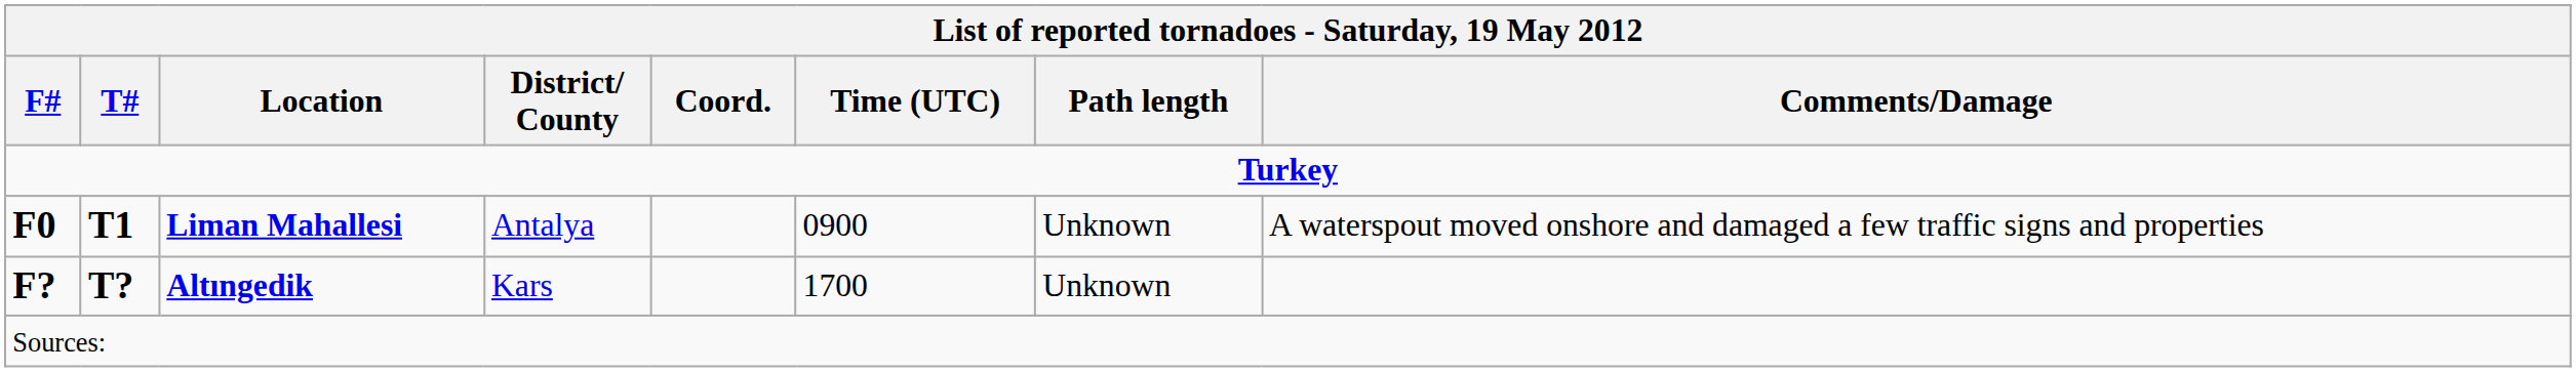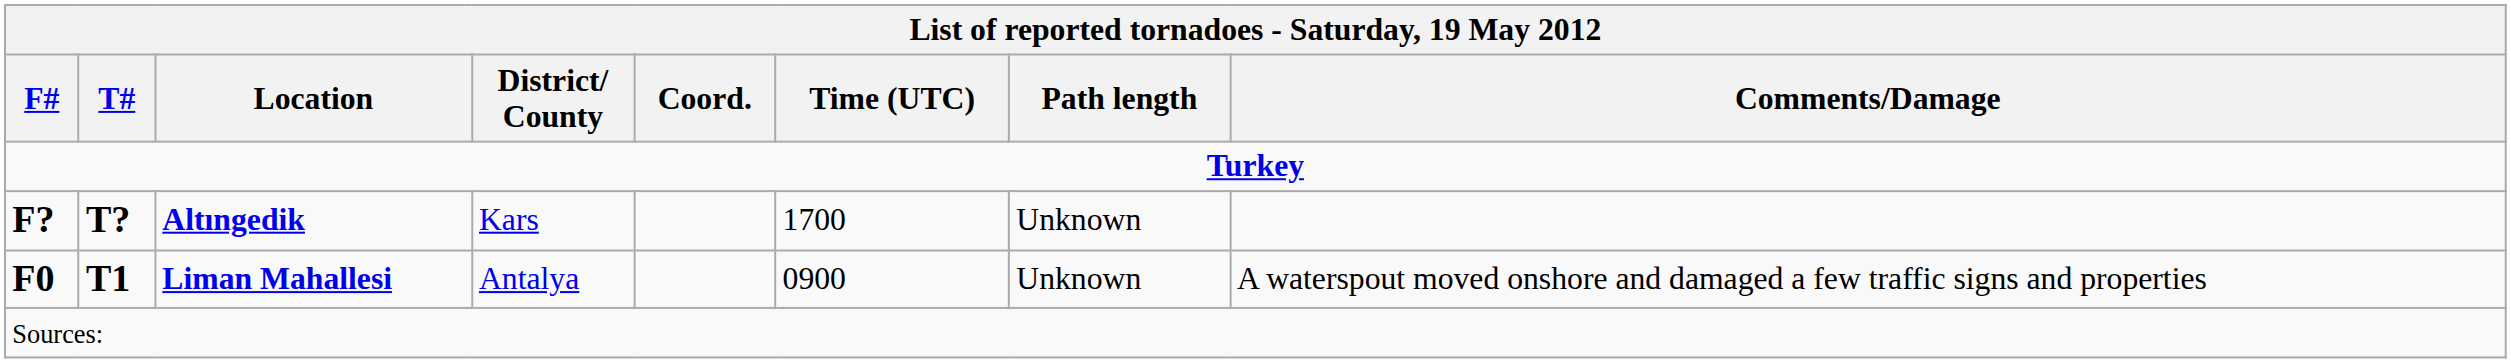 <table class="wikitable collapsible" width="100%">
 <tr>
 <th colspan="8">List of reported tornadoes - Saturday, 19 May 2012</th>
 </tr>
 <tr>
 <th><a href='#'>F#</a></th>
 <th><a href='#'>T#</a></th>
 <th>Location</th>
 <th>District/<br>County</th>
 <th>Coord.</th>
 <th>Time (UTC)</th>
 <th>Path length</th>
 <th>Comments/Damage</th>
 </tr>
 <tr>
 <td colspan="8" align=center><strong><a href='#'>Turkey</a></strong></td>
 </tr>
 <tr>
+<td><big><strong>F?</strong></big></td>
+<td><big><strong>T?</strong></big></td>
+<td><strong><a href='#'>Altıngedik</a></strong></td>
+<td><a href='#'>Kars</a></td>
+<td></td>
+<td>1700</td>
+<td>Unknown</td>
+<td></td>
+</tr>
+<tr>
 <td><big><strong>F0</strong></big></td>
 <td><big><strong>T1</strong></big></td>
 <td><strong><a href='#'>Liman Mahallesi</a></strong></td>
 <td><a href='#'>Antalya</a></td>
 <td></td>
 <td>0900</td>
 <td>Unknown</td>
 <td>A waterspout moved onshore and damaged a few traffic signs and properties</td>
 </tr>
 <tr>
-<td><big><strong>F?</strong></big></td>
-<td><big><strong>T?</strong></big></td>
-<td><strong><a href='#'>Altıngedik</a></strong></td>
-<td><a href='#'>Kars</a></td>
-<td></td>
-<td>1700</td>
-<td>Unknown</td>
-<td></td>
-</tr>
-<tr>
 <td colspan="8"><small>Sources:  </small></td>
 </tr>
 </table>
